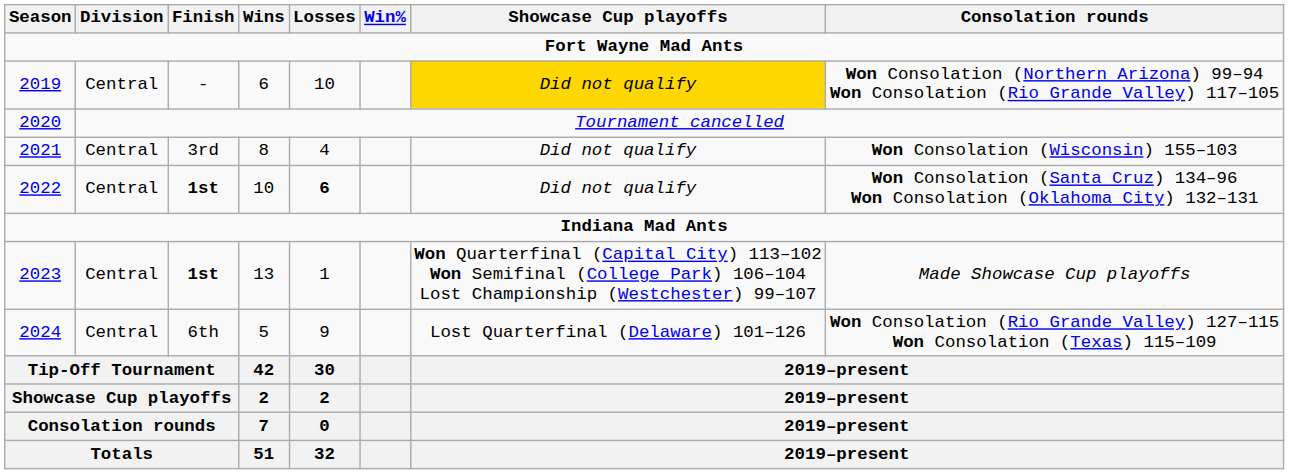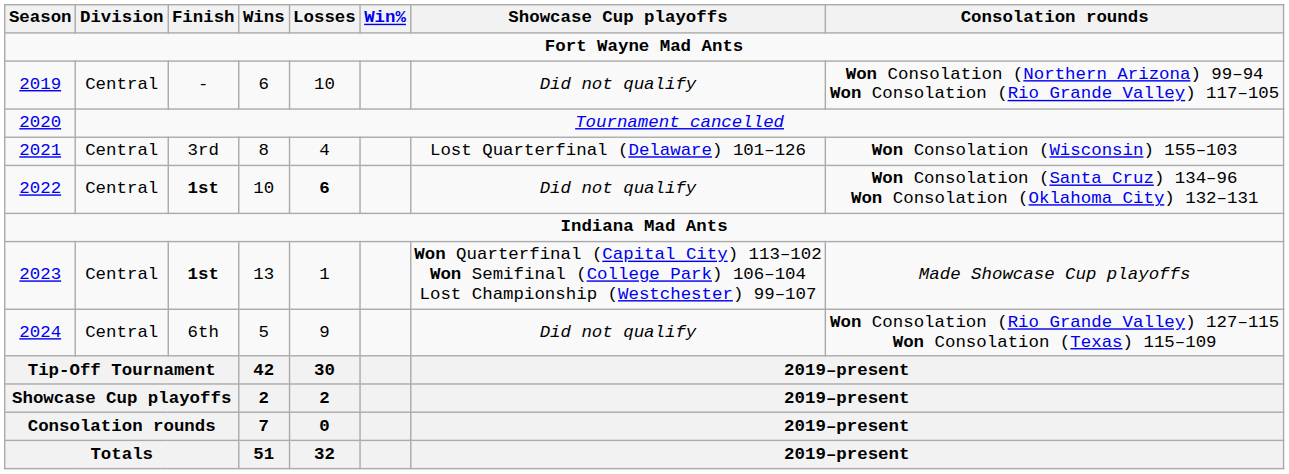 <table class="wikitable" style="font-size:95%; text-align:center">
 <tr>
 <th>Season</th>
 <th>Division</th>
 <th>Finish</th>
 <th>Wins</th>
 <th>Losses</th>
 <th><a href='#'>Win%</a></th>
 <th>Showcase Cup playoffs</th>
 <th>Consolation rounds</th>
 </tr>
 <tr>
 <td colspan=12 align=center><strong>Fort Wayne Mad Ants</strong></td>
 </tr>
 <tr>
 <td><a href='#'>2019</a></td>
 <td>Central</td>
 <td>-</td>
 <td>6</td>
 <td>10</td>
 <td></td>
-<td style="background: gold;"><em>Did not qualify</em></td>
+<td><em>Did not qualify</em></td>
 <td><strong>Won</strong> Consolation (<a href='#'>Northern Arizona</a>) 99–94<br><strong>Won</strong> Consolation (<a href='#'>Rio Grande Valley</a>) 117–105</td>
 </tr>
 <tr>
 <td><a href='#'>2020</a></td>
 <td colspan="7"><em><a href='#'>Tournament cancelled</a></em></td>
 </tr>
 <tr>
 <td><a href='#'>2021</a></td>
 <td>Central</td>
 <td>3rd</td>
 <td>8</td>
 <td>4</td>
 <td></td>
-<td><em>Did not qualify</em></td>
+<td>Lost Quarterfinal (<a href='#'>Delaware</a>) 101–126</td>
 <td><strong>Won</strong> Consolation (<a href='#'>Wisconsin</a>) 155–103</td>
 </tr>
 <tr>
 <td><a href='#'>2022</a></td>
 <td>Central</td>
 <td><strong>1st</strong></td>
 <td>10</td>
 <td><strong>6</strong></td>
 <td></td>
 <td><em>Did not qualify</em></td>
 <td><strong>Won</strong> Consolation (<a href='#'>Santa Cruz</a>) 134–96<br><strong>Won</strong> Consolation (<a href='#'>Oklahoma City</a>) 132–131</td>
 </tr>
 <tr>
 <td colspan=12 align=center><strong>Indiana Mad Ants</strong></td>
 </tr>
 <tr>
 <td><a href='#'>2023</a></td>
 <td>Central</td>
 <td><strong>1st</strong></td>
 <td>13</td>
 <td>1</td>
 <td></td>
 <td><strong>Won</strong> Quarterfinal (<a href='#'>Capital City</a>) 113–102<br><strong>Won</strong> Semifinal (<a href='#'>College Park</a>) 106–104<br>Lost Championship (<a href='#'>Westchester</a>) 99–107</td>
 <td><em>Made Showcase Cup playoffs</em></td>
 </tr>
 <tr>
 <td><a href='#'>2024</a></td>
 <td>Central</td>
 <td>6th</td>
 <td>5</td>
 <td>9</td>
 <td></td>
-<td>Lost Quarterfinal (<a href='#'>Delaware</a>) 101–126</td>
+<td><em>Did not qualify</em></td>
 <td><strong>Won</strong> Consolation (<a href='#'>Rio Grande Valley</a>) 127–115<br><strong>Won</strong> Consolation (<a href='#'>Texas</a>) 115–109</td>
 </tr>
 <tr>
 <th colspan=3>Tip-Off Tournament</th>
 <th>42</th>
 <th>30</th>
 <th></th>
 <th colspan=2>2019–present</th>
 </tr>
 <tr>
 <th colspan=3>Showcase Cup playoffs</th>
 <th>2</th>
 <th>2</th>
 <th></th>
 <th colspan=2>2019–present</th>
 </tr>
 <tr>
 <th colspan=3>Consolation rounds</th>
 <th>7</th>
 <th>0</th>
 <th></th>
 <th colspan=2>2019–present</th>
 </tr>
 <tr>
 <th colspan=3>Totals</th>
 <th>51</th>
 <th>32</th>
 <th></th>
 <th colspan=2>2019–present</th>
 </tr>
 </table>
